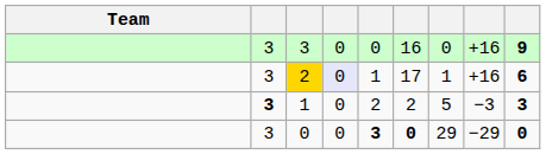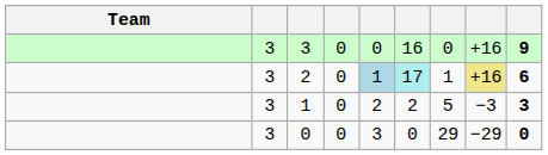 <table class="wikitable" style="text-align: center;">
 <tr>
 <th width="175">Team</th>
 <th width="20"></th>
 <th width="20"></th>
 <th width="20"></th>
 <th width="20"></th>
 <th width="20"></th>
 <th width="20"></th>
 <th width="20"></th>
 <th width="20"></th>
 </tr>
 <tr bgcolor=ccffcc>
 <td align=left></td>
 <td>3</td>
 <td>3</td>
 <td>0</td>
 <td>0</td>
 <td>16</td>
 <td>0</td>
 <td>+16</td>
 <td><strong>9</strong></td>
 </tr>
 <tr>
 <td align=left><em></em></td>
 <td>3</td>
-<td style="background: gold;">2</td>
-<td style="background: lavender;">0</td>
+<td>2</td>
+<td>0</td>
+<td style="background: lightblue;">1</td>
+<td style="background: paleturquoise;">17</td>
 <td>1</td>
-<td>17</td>
-<td>1</td>
-<td>+16</td>
+<td style="background: khaki;">+16</td>
 <td><strong>6</strong></td>
 </tr>
 <tr bgcolor=>
 <td align=left></td>
-<td><strong>3</strong></td>
+<td>3</td>
 <td>1</td>
 <td>0</td>
 <td>2</td>
 <td>2</td>
 <td>5</td>
 <td>−3</td>
 <td><strong>3</strong></td>
 </tr>
 <tr bgcolor=>
 <td align=left></td>
 <td>3</td>
 <td>0</td>
 <td>0</td>
-<td><strong>3</strong></td>
-<td><strong>0</strong></td>
+<td>3</td>
+<td>0</td>
 <td>29</td>
 <td>−29</td>
 <td><strong>0</strong></td>
 </tr>
 </table>
